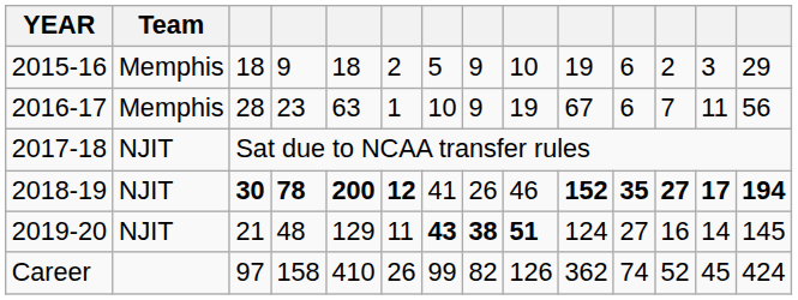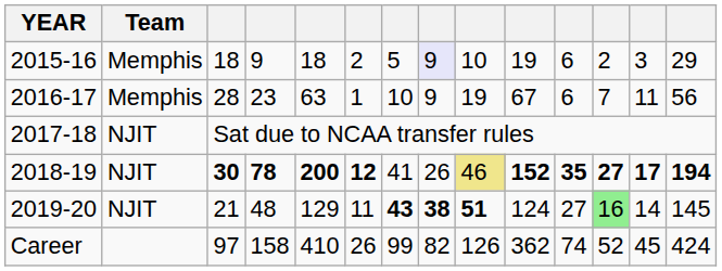 <table class="wikitable">
 <tr>
 <th>YEAR</th>
 <th>Team</th>
 <th scope="col"></th>
 <th scope="col"></th>
 <th scope="col"></th>
 <th scope="col"></th>
 <th scope="col"></th>
 <th scope="col"></th>
 <th scope="col"></th>
 <th scope="col"></th>
 <th scope="col"></th>
 <th scope="col"></th>
 <th scope="col"></th>
 <th scope="col"></th>
 </tr>
 <tr>
 <td>2015-16</td>
 <td>Memphis</td>
 <td>18</td>
 <td>9</td>
 <td>18</td>
 <td>2</td>
 <td>5</td>
-<td>9</td>
+<td style="background: lavender;">9</td>
 <td>10</td>
 <td>19</td>
 <td>6</td>
 <td>2</td>
 <td>3</td>
 <td>29</td>
 </tr>
 <tr>
 <td>2016-17</td>
 <td>Memphis</td>
 <td>28</td>
 <td>23</td>
 <td>63</td>
 <td>1</td>
 <td>10</td>
 <td>9</td>
 <td>19</td>
 <td>67</td>
 <td>6</td>
 <td>7</td>
 <td>11</td>
 <td>56</td>
 </tr>
 <tr>
 <td>2017-18</td>
 <td>NJIT</td>
 <td colspan="12">Sat due to NCAA transfer rules</td>
 </tr>
 <tr>
 <td>2018-19</td>
 <td>NJIT</td>
 <td><strong>30</strong></td>
 <td><strong>78</strong></td>
 <td><strong>200</strong></td>
 <td><strong>12</strong></td>
 <td>41</td>
 <td>26</td>
-<td>46</td>
+<td style="background: khaki;">46</td>
 <td><strong>152</strong></td>
 <td><strong>35</strong></td>
 <td><strong>27</strong></td>
 <td><strong>17</strong></td>
 <td><strong>194</strong></td>
 </tr>
 <tr>
 <td>2019-20</td>
 <td>NJIT</td>
 <td>21</td>
 <td>48</td>
 <td>129</td>
 <td>11</td>
 <td><strong>43</strong></td>
 <td><strong>38</strong></td>
 <td><strong>51</strong></td>
 <td>124</td>
 <td>27</td>
-<td>16</td>
+<td style="background: lightgreen;">16</td>
 <td>14</td>
 <td>145</td>
 </tr>
 <tr>
 <td>Career</td>
 <td></td>
 <td>97</td>
 <td>158</td>
 <td>410</td>
 <td>26</td>
 <td>99</td>
 <td>82</td>
 <td>126</td>
 <td>362</td>
 <td>74</td>
 <td>52</td>
 <td>45</td>
 <td>424</td>
 </tr>
 </table>
